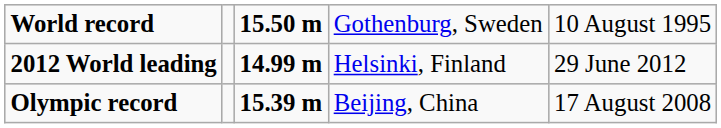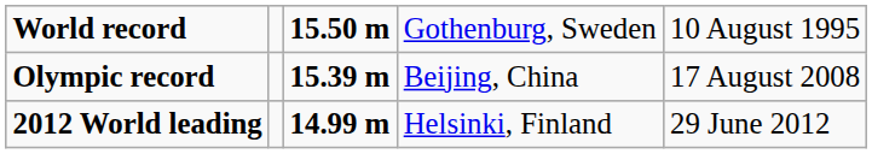 <table class="wikitable">
 <tr>
 <td><strong>World record</strong></td>
 <td></td>
 <td><strong>15.50 m</strong></td>
 <td><a href='#'>Gothenburg</a>, Sweden</td>
 <td>10 August 1995</td>
 </tr>
 <tr>
+<td><strong>Olympic record</strong></td>
+<td></td>
+<td><strong>15.39 m</strong></td>
+<td><a href='#'>Beijing</a>, China</td>
+<td>17 August 2008</td>
+</tr>
+<tr>
 <td><strong>2012 World leading</strong></td>
 <td></td>
 <td><strong>14.99 m</strong></td>
 <td><a href='#'>Helsinki</a>, Finland</td>
 <td>29 June 2012</td>
 </tr>
-<tr>
-<td><strong>Olympic record</strong></td>
-<td></td>
-<td><strong>15.39 m</strong></td>
-<td><a href='#'>Beijing</a>, China</td>
-<td>17 August 2008</td>
-</tr>
 </table>
